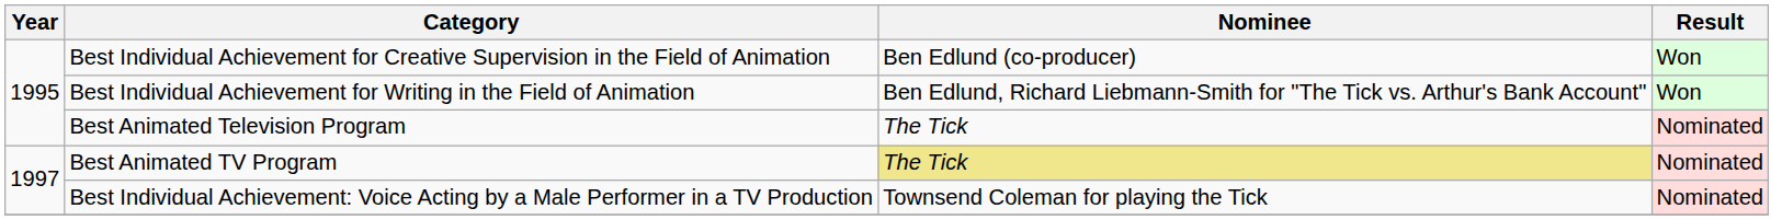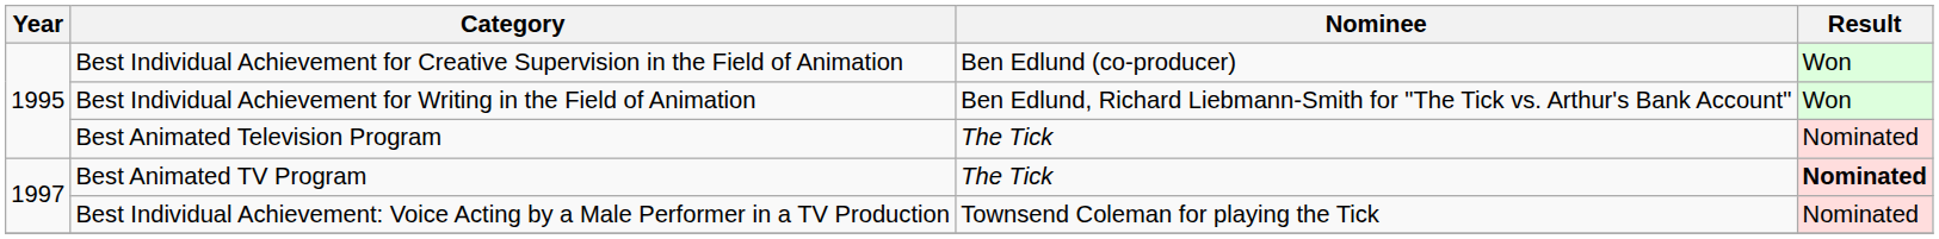 <table class="wikitable">
 <tr>
 <th>Year</th>
 <th>Category</th>
 <th>Nominee</th>
 <th>Result</th>
 </tr>
 <tr>
 <td rowspan=3>1995</td>
 <td>Best Individual Achievement for Creative Supervision in the Field of Animation</td>
 <td>Ben Edlund (co-producer)</td>
 <td style="background: #ddffdd">Won</td>
 </tr>
 <tr>
 <td>Best Individual Achievement for Writing in the Field of Animation</td>
 <td>Ben Edlund, Richard Liebmann-Smith for "The Tick vs. Arthur's Bank Account"</td>
 <td style="background: #ddffdd">Won</td>
 </tr>
 <tr>
 <td>Best Animated Television Program</td>
 <td><em>The Tick</em></td>
 <td style="background: #ffdddd">Nominated</td>
 </tr>
 <tr>
 <td rowspan=2>1997</td>
 <td>Best Animated TV Program</td>
-<td style="background: khaki;"><em>The Tick</em></td>
-<td style="background: #ffdddd">Nominated</td>
+<td><em>The Tick</em></td>
+<td style="background: #ffdddd"><strong>Nominated</strong></td>
 </tr>
 <tr>
 <td>Best Individual Achievement: Voice Acting by a Male Performer in a TV Production</td>
 <td>Townsend Coleman for playing the Tick</td>
 <td style="background: #ffdddd">Nominated</td>
 </tr>
 <tr>
 </tr>
 </table>
